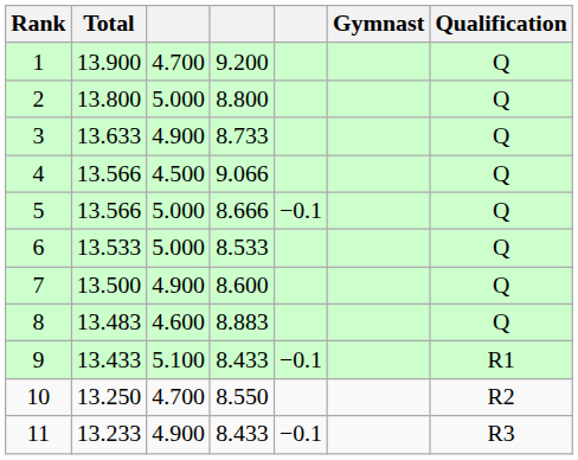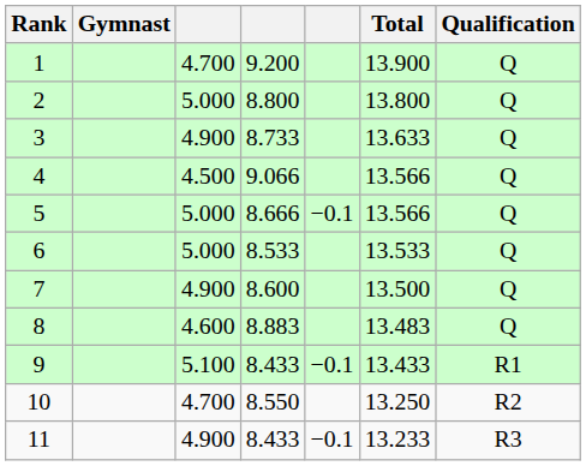 <table class="wikitable sortable" style="text-align:center">
 <tr>
 <th>Rank</th>
-<th>Total</th>
+<th>Gymnast</th>
 <th><small></small></th>
 <th><small></small></th>
 <th><small></small></th>
-<th>Gymnast</th>
+<th>Total</th>
 <th>Qualification</th>
 </tr>
 <tr bgcolor=ccffcc>
 <td>1</td>
-<td>13.900</td>
+<td align=left></td>
 <td>4.700</td>
 <td>9.200</td>
 <td></td>
-<td align=left></td>
+<td>13.900</td>
 <td>Q</td>
 </tr>
 <tr bgcolor=ccffcc>
 <td>2</td>
-<td>13.800</td>
+<td align=left></td>
 <td>5.000</td>
 <td>8.800</td>
 <td></td>
-<td align=left></td>
+<td>13.800</td>
 <td>Q</td>
 </tr>
 <tr bgcolor=ccffcc>
 <td>3</td>
-<td>13.633</td>
+<td align=left></td>
 <td>4.900</td>
 <td>8.733</td>
 <td></td>
-<td align=left></td>
+<td>13.633</td>
 <td>Q</td>
 </tr>
 <tr bgcolor=ccffcc>
 <td>4</td>
-<td>13.566</td>
+<td align=left></td>
 <td>4.500</td>
 <td>9.066</td>
 <td></td>
-<td align=left></td>
+<td>13.566</td>
 <td>Q</td>
 </tr>
 <tr bgcolor=ccffcc>
 <td>5</td>
-<td>13.566</td>
+<td align=left></td>
 <td>5.000</td>
 <td>8.666</td>
 <td>−0.1</td>
-<td align=left></td>
+<td>13.566</td>
 <td>Q</td>
 </tr>
 <tr bgcolor=ccffcc>
 <td>6</td>
-<td>13.533</td>
+<td align=left></td>
 <td>5.000</td>
 <td>8.533</td>
 <td></td>
-<td align=left></td>
+<td>13.533</td>
 <td>Q</td>
 </tr>
 <tr bgcolor=ccffcc>
 <td>7</td>
-<td>13.500</td>
+<td align=left></td>
 <td>4.900</td>
 <td>8.600</td>
 <td></td>
-<td align=left></td>
+<td>13.500</td>
 <td>Q</td>
 </tr>
 <tr bgcolor=ccffcc>
 <td>8</td>
-<td>13.483</td>
+<td align=left></td>
 <td>4.600</td>
 <td>8.883</td>
 <td></td>
-<td align=left></td>
+<td>13.483</td>
 <td>Q</td>
 </tr>
 <tr bgcolor=ccffcc>
 <td>9</td>
-<td>13.433</td>
+<td align=left></td>
 <td>5.100</td>
 <td>8.433</td>
 <td>−0.1</td>
-<td align=left></td>
+<td>13.433</td>
 <td>R1</td>
 </tr>
 <tr>
 <td>10</td>
-<td>13.250</td>
+<td align=left></td>
 <td>4.700</td>
 <td>8.550</td>
 <td></td>
-<td align=left></td>
+<td>13.250</td>
 <td>R2</td>
 </tr>
 <tr>
 <td>11</td>
-<td>13.233</td>
+<td align=left></td>
 <td>4.900</td>
 <td>8.433</td>
 <td>−0.1</td>
-<td align=left></td>
+<td>13.233</td>
 <td>R3</td>
 </tr>
 </table>
